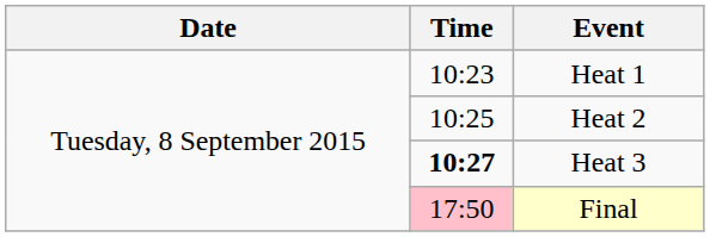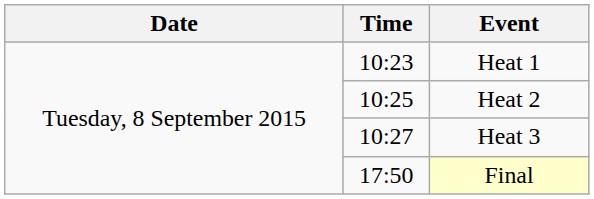 <table class = "wikitable" style="text-align:center;">
 <tr>
 <th width=220>Date</th>
 <th width=50>Time</th>
 <th width=100>Event</th>
 </tr>
 <tr>
 <td rowspan=4>Tuesday, 8 September 2015</td>
 <td>10:23</td>
 <td>Heat 1</td>
 </tr>
 <tr>
 <td>10:25</td>
 <td>Heat 2</td>
 </tr>
 <tr>
-<td><strong>10:27</strong></td>
+<td>10:27</td>
 <td>Heat 3</td>
 </tr>
 <tr>
-<td style="background: pink;">17:50</td>
+<td>17:50</td>
 <td bgcolor=ffffcc>Final</td>
 </tr>
 </table>
